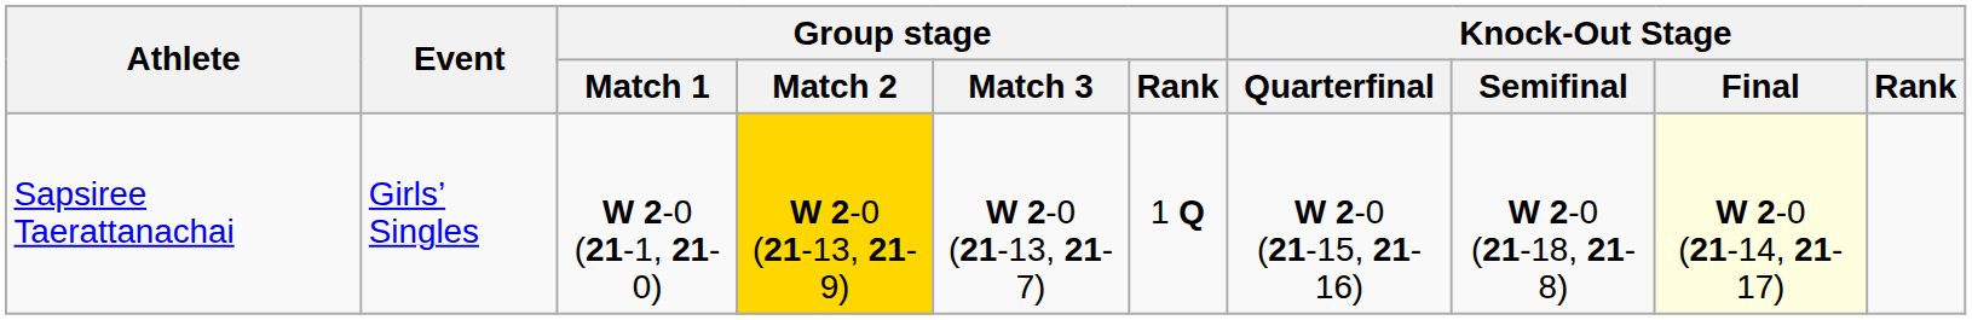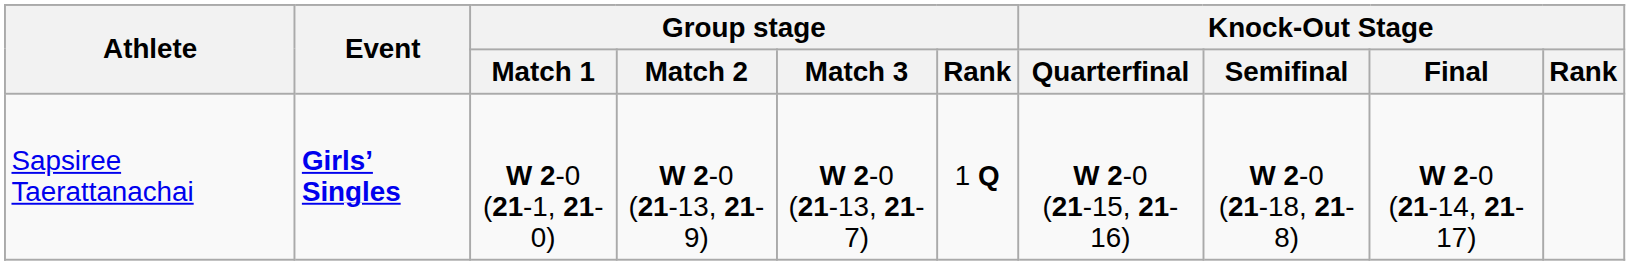 <table class="wikitable" width="95%" style="text-align:left; font-size:90%">
 <tr>
 <th rowspan=2>Athlete</th>
 <th rowspan=2>Event</th>
 <th colspan=4>Group stage</th>
 <th colspan=4>Knock-Out Stage</th>
 </tr>
 <tr>
 <th>Match 1</th>
 <th>Match 2</th>
 <th>Match 3</th>
 <th>Rank</th>
 <th>Quarterfinal</th>
 <th>Semifinal</th>
 <th>Final</th>
 <th>Rank</th>
 </tr>
 <tr>
 <td><a href='#'>Sapsiree Taerattanachai</a></td>
-<td><a href='#'>Girls’ Singles</a></td>
+<td><strong><a href='#'>Girls’ Singles</a></strong></td>
 <td align=center> <br><br><strong>W</strong> <strong>2</strong>-0 <br> (<strong>21</strong>-1, <strong>21</strong>-0)</td>
-<td align=center style="background: gold;"> <br><br><strong>W</strong> <strong>2</strong>-0 <br> (<strong>21</strong>-13, <strong>21</strong>-9)</td>
+<td align=center> <br><br><strong>W</strong> <strong>2</strong>-0 <br> (<strong>21</strong>-13, <strong>21</strong>-9)</td>
 <td align=center> <br><br><strong>W</strong> <strong>2</strong>-0 <br> (<strong>21</strong>-13, <strong>21</strong>-7)</td>
 <td align=center>1 <strong>Q</strong></td>
 <td align=center> <br><br><strong>W</strong> <strong>2</strong>-0 <br> (<strong>21</strong>-15, <strong>21</strong>-16)</td>
 <td align=center> <br><br><strong>W</strong> <strong>2</strong>-0 <br> (<strong>21</strong>-18, <strong>21</strong>-8)</td>
-<td align=center style="background: lightyellow;"> <br><br><strong>W</strong> <strong>2</strong>-0 <br> (<strong>21</strong>-14, <strong>21</strong>-17)</td>
+<td align=center> <br><br><strong>W</strong> <strong>2</strong>-0 <br> (<strong>21</strong>-14, <strong>21</strong>-17)</td>
 <td align=center></td>
 </tr>
 </table>
